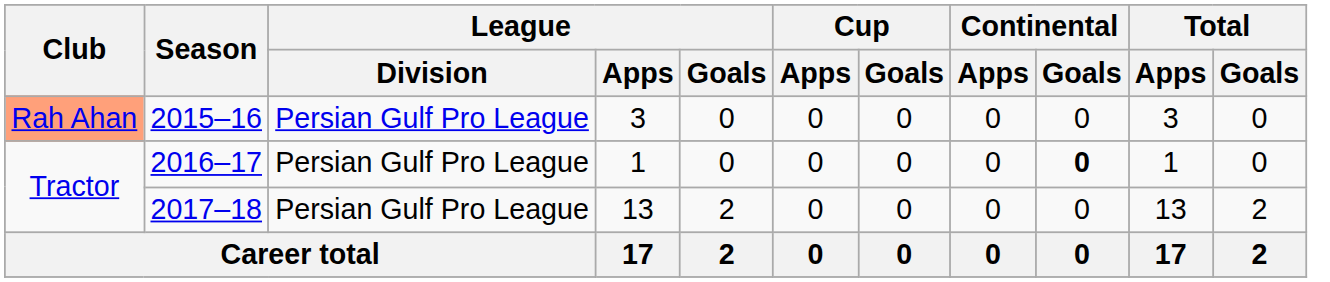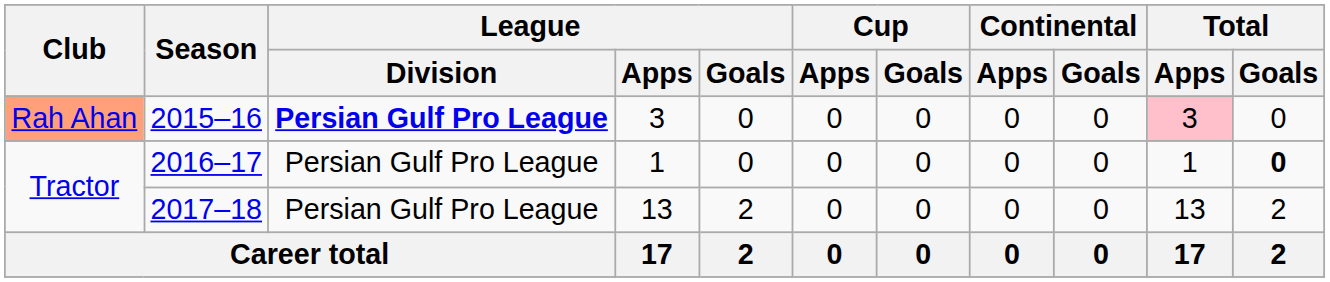 <table class="wikitable" style="text-align:center">
 <tr>
 <th rowspan="2">Club</th>
 <th rowspan="2">Season</th>
 <th colspan="3">League</th>
 <th colspan="2">Cup</th>
 <th colspan="2">Continental</th>
 <th colspan="2">Total</th>
 </tr>
 <tr>
 <th>Division</th>
 <th>Apps</th>
 <th>Goals</th>
 <th>Apps</th>
 <th>Goals</th>
 <th>Apps</th>
 <th>Goals</th>
 <th>Apps</th>
 <th>Goals</th>
 </tr>
 <tr>
 <td style="background: lightsalmon;"><a href='#'>Rah Ahan</a></td>
 <td><a href='#'>2015–16</a></td>
-<td><a href='#'>Persian Gulf Pro League</a></td>
+<td><strong><a href='#'>Persian Gulf Pro League</a></strong></td>
 <td>3</td>
 <td>0</td>
 <td>0</td>
 <td>0</td>
 <td>0</td>
 <td>0</td>
-<td>3</td>
+<td style="background: pink;">3</td>
 <td>0</td>
 </tr>
 <tr>
 <td rowspan="2"><a href='#'>Tractor</a></td>
 <td><a href='#'>2016–17</a></td>
 <td>Persian Gulf Pro League</td>
 <td>1</td>
 <td>0</td>
 <td>0</td>
 <td>0</td>
 <td>0</td>
+<td>0</td>
+<td>1</td>
 <td><strong>0</strong></td>
-<td>1</td>
-<td>0</td>
 </tr>
 <tr>
 <td><a href='#'>2017–18</a></td>
 <td>Persian Gulf Pro League</td>
 <td>13</td>
 <td>2</td>
 <td>0</td>
 <td>0</td>
 <td>0</td>
 <td>0</td>
 <td>13</td>
 <td>2</td>
 </tr>
 <tr>
 <th colspan="3">Career total</th>
 <th>17</th>
 <th>2</th>
 <th>0</th>
 <th>0</th>
 <th>0</th>
 <th>0</th>
 <th>17</th>
 <th>2</th>
 </tr>
 </table>
